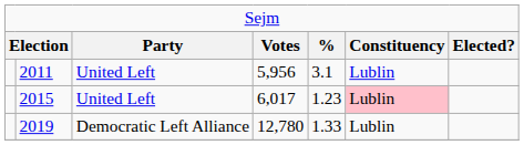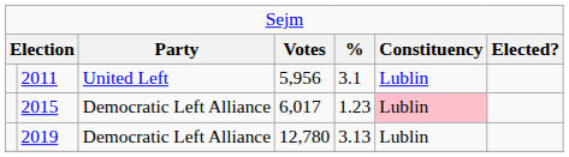 <table class = 'wikitable'>
 <tr>
 <td colspan="7" style="text-align:center;"><a href='#'>Sejm</a></td>
 </tr>
 <tr>
 <th colspan="2">Election</th>
 <th>Party</th>
 <th>Votes</th>
 <th>%</th>
 <th>Constituency</th>
 <th>Elected?</th>
 </tr>
 <tr>
 <td style="background-color: "></td>
 <td><a href='#'>2011</a></td>
 <td><a href='#'>United Left</a></td>
 <td>5,956</td>
 <td>3.1</td>
 <td><a href='#'>Lublin</a></td>
 <td></td>
 </tr>
 <tr>
 <td style="background-color: "></td>
 <td><a href='#'>2015</a></td>
-<td><a href='#'>United Left</a></td>
+<td>Democratic Left Alliance</td>
 <td>6,017</td>
 <td>1.23</td>
 <td style="background: pink;">Lublin</td>
 <td></td>
 </tr>
 <tr>
 <td style="background-color: "></td>
 <td><a href='#'>2019</a></td>
 <td>Democratic Left Alliance</td>
 <td>12,780</td>
-<td>1.33</td>
+<td>3.13</td>
 <td>Lublin</td>
 <td></td>
 </tr>
 <tr>
 </tr>
 </table>
